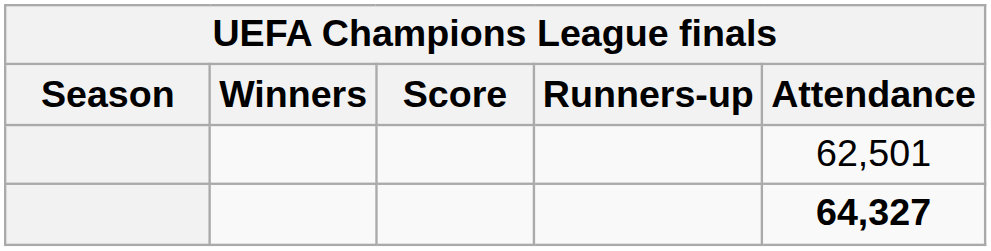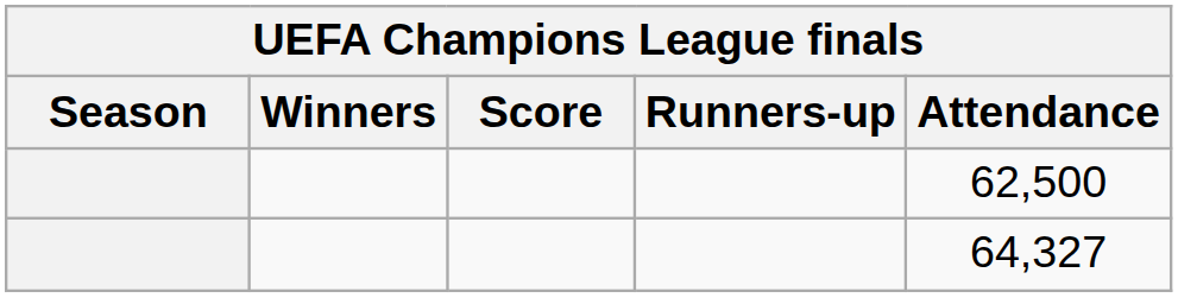 <table class="wikitable" style="text-align:center">
 <tr>
 <th colspan="7">UEFA Champions League finals</th>
 </tr>
 <tr>
 <th width="80">Season</th>
 <th scope="col">Winners</th>
 <th width="60">Score</th>
 <th scope="col">Runners-up</th>
 <th scope="col">Attendance</th>
 </tr>
 <tr>
 <th scope="row"></th>
 <td align=right></td>
 <td></td>
 <td align=left></td>
-<td>62,501</td>
+<td>62,500</td>
 </tr>
 <tr>
 <th Scope="row"></th>
 <td align=right> </td>
 <td></td>
 <td align=right></td>
-<td><strong>64,327</strong></td>
+<td>64,327</td>
 </tr>
 </table>
